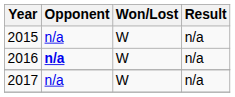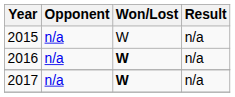 <table class=wikitable>
 <tr>
 <th>Year</th>
 <th>Opponent</th>
 <th>Won/Lost</th>
 <th>Result</th>
 </tr>
 <tr>
 <td>2015</td>
 <td><a href='#'>n/a</a></td>
 <td>W</td>
 <td>n/a</td>
 </tr>
 <tr>
 <td>2016</td>
-<td><strong><a href='#'>n/a</a></strong></td>
-<td>W</td>
+<td><a href='#'>n/a</a></td>
+<td><strong>W</strong></td>
 <td>n/a</td>
 </tr>
 <tr>
 </tr>
 <tr>
 <td>2017</td>
 <td><a href='#'>n/a</a></td>
-<td>W</td>
+<td><strong>W</strong></td>
 <td>n/a</td>
 </tr>
 <tr>
 </tr>
 </table>
